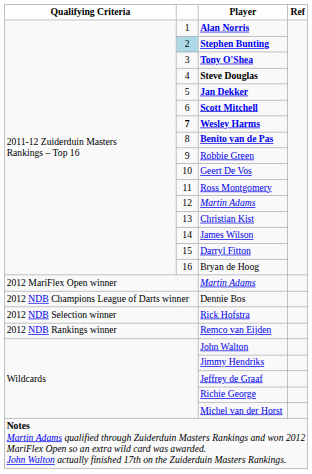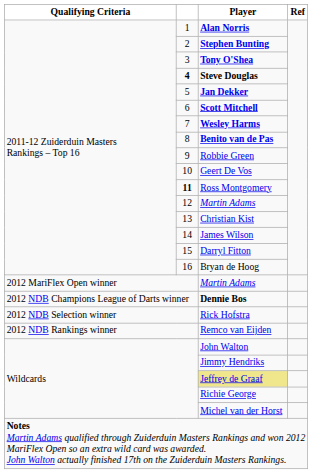 <table class="wikitable sortable collapsible collapsed" style="font-size:85%;">
 <tr>
 <th style="background:#ffffff; color:#000000;">Qualifying Criteria</th>
 <th style="background:#ffffff; color:#000000;"></th>
 <th style="background:#ffffff; color:#000000;">Player</th>
 <th style="background:#ffffff; color:#000000;">Ref</th>
 </tr>
 <tr>
 <td rowspan=16>2011-12 Zuiderduin Masters<br>Rankings – Top 16</td>
 <td style="text-align: center;">1</td>
 <td> <strong><a href='#'>Alan Norris</a></strong></td>
 <td rowspan=16></td>
 </tr>
 <tr>
-<td style="background: lightblue; text-align: center;">2</td>
+<td style="text-align: center;">2</td>
 <td> <strong><a href='#'>Stephen Bunting</a></strong></td>
 </tr>
 <tr>
 <td style="text-align: center;">3</td>
 <td> <strong><a href='#'>Tony O'Shea</a></strong></td>
 </tr>
 <tr>
-<td style="text-align: center;">4</td>
+<td style="text-align: center;"><strong>4</strong></td>
 <td> <strong>Steve Douglas</strong></td>
 </tr>
 <tr>
 <td style="text-align: center;">5</td>
 <td> <strong><a href='#'>Jan Dekker</a></strong></td>
 </tr>
 <tr>
 <td style="text-align: center;">6</td>
 <td> <strong><a href='#'>Scott Mitchell</a></strong></td>
 </tr>
 <tr>
-<td style="text-align: center;"><strong>7</strong></td>
+<td style="text-align: center;">7</td>
 <td> <strong><a href='#'>Wesley Harms</a></strong></td>
 </tr>
 <tr>
 <td style="text-align: center;">8</td>
 <td> <strong><a href='#'>Benito van de Pas</a></strong></td>
 </tr>
 <tr>
 <td style="text-align: center;">9</td>
 <td> <a href='#'>Robbie Green</a></td>
 </tr>
 <tr>
 <td style="text-align: center;">10</td>
 <td> <a href='#'>Geert De Vos</a></td>
 </tr>
 <tr>
-<td style="text-align: center;">11</td>
+<td style="text-align: center;"><strong>11</strong></td>
 <td> <a href='#'>Ross Montgomery</a></td>
 </tr>
 <tr>
 <td style="text-align: center;">12</td>
 <td> <em><a href='#'>Martin Adams</a></em></td>
 </tr>
 <tr>
 <td style="text-align: center;">13</td>
 <td> <a href='#'>Christian Kist</a></td>
 </tr>
 <tr>
 <td style="text-align: center;">14</td>
 <td> <a href='#'>James Wilson</a></td>
 </tr>
 <tr>
 <td style="text-align: center;">15</td>
 <td> <a href='#'>Darryl Fitton</a></td>
 </tr>
 <tr>
 <td style="text-align: center;">16</td>
 <td> Bryan de Hoog</td>
 </tr>
 <tr>
 <td colspan=2>2012 MariFlex Open winner</td>
 <td> <em><a href='#'>Martin Adams</a></em></td>
 <td></td>
 </tr>
 <tr>
 <td colspan=2>2012 <a href='#'>NDB</a> Champions League of Darts winner</td>
-<td> Dennie Bos</td>
+<td><strong> Dennie Bos</strong></td>
 <td></td>
 </tr>
 <tr>
 <td colspan=2>2012 <a href='#'>NDB</a> Selection winner</td>
 <td> <a href='#'>Rick Hofstra</a></td>
 <td></td>
 </tr>
 <tr>
 <td colspan=2>2012 <a href='#'>NDB</a> Rankings winner</td>
 <td> <a href='#'>Remco van Eijden</a></td>
 <td></td>
 </tr>
 <tr>
 <td rowspan=5 colspan=2>Wildcards</td>
 <td> <a href='#'>John Walton</a></td>
 <td></td>
 </tr>
 <tr>
 <td> <a href='#'>Jimmy Hendriks</a></td>
 <td></td>
 </tr>
 <tr>
-<td> <a href='#'>Jeffrey de Graaf</a></td>
+<td style="background: khaki;"> <a href='#'>Jeffrey de Graaf</a></td>
 <td></td>
 </tr>
 <tr>
 <td> <a href='#'>Richie George</a></td>
 <td></td>
 </tr>
 <tr>
 <td> <a href='#'>Michel van der Horst</a></td>
 <td></td>
 </tr>
 <tr>
 <td colspan=4><strong>Notes</strong><br><em><a href='#'>Martin Adams</a> qualified through Zuiderduin Masters Rankings and won 2012<br>MariFlex Open so an extra wild card was awarded.</em><br><em><a href='#'>John Walton</a> actually finished 17th on the Zuiderduin Masters Rankings.</em></td>
 </tr>
 </table>
